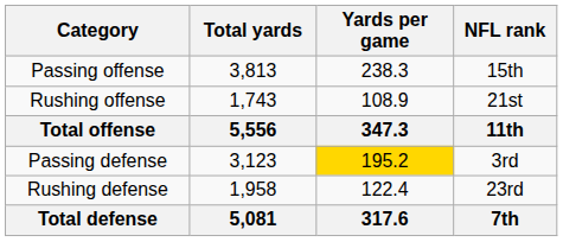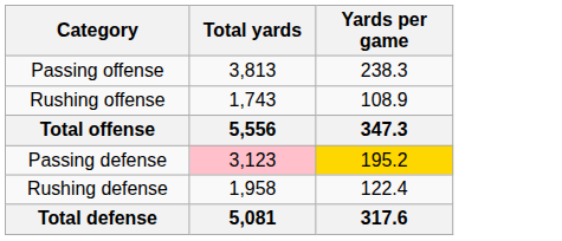 <table class="wikitable" style="text-align:center">
 <tr>
 <th width="150">Category</th>
 <th width="100">Total yards</th>
 <th width="110">Yards per game</th>
-<th width="80">NFL rank<br></th>
 </tr>
 <tr>
 <td>Passing offense</td>
 <td>3,813</td>
 <td>238.3</td>
-<td>15th</td>
 </tr>
 <tr>
 <td>Rushing offense</td>
 <td>1,743</td>
 <td>108.9</td>
-<td>21st</td>
 </tr>
 <tr>
 <th>Total offense</th>
 <th>5,556</th>
 <th>347.3</th>
-<th>11th</th>
 </tr>
 <tr>
 <td>Passing defense</td>
-<td>3,123</td>
+<td style="background: pink;">3,123</td>
 <td style="background: gold;">195.2</td>
-<td>3rd</td>
 </tr>
 <tr>
 <td>Rushing defense</td>
 <td>1,958</td>
 <td>122.4</td>
-<td>23rd</td>
 </tr>
 <tr>
 <th>Total defense</th>
 <th>5,081</th>
 <th>317.6</th>
-<th>7th</th>
 </tr>
 </table>
